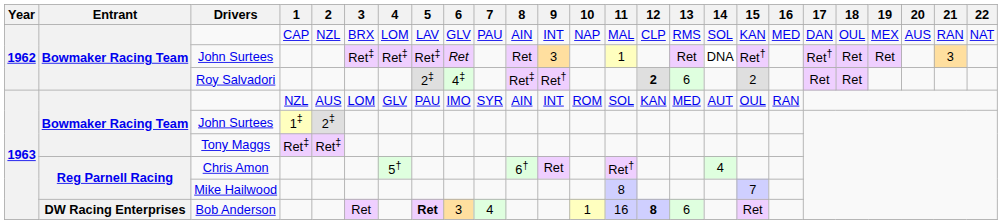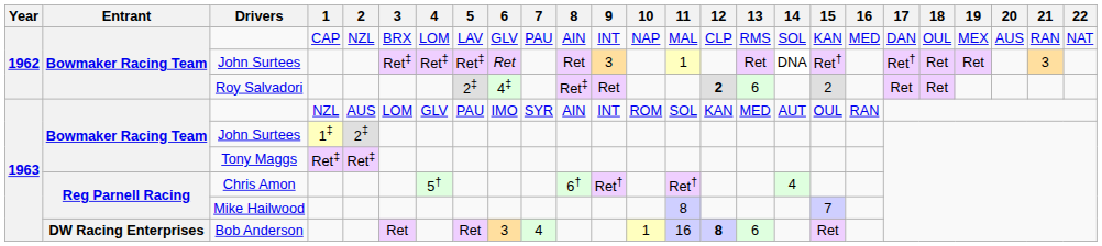 <table class="wikitable" style="text-align:center; font-size:95%">
 <tr>
 <th>Year</th>
 <th>Entrant</th>
 <th>Drivers</th>
 <th>1</th>
 <th>2</th>
 <th>3</th>
 <th>4</th>
 <th>5</th>
 <th>6</th>
 <th>7</th>
 <th>8</th>
 <th>9</th>
 <th>10</th>
 <th>11</th>
 <th>12</th>
 <th>13</th>
 <th>14</th>
 <th>15</th>
 <th>16</th>
 <th>17</th>
 <th>18</th>
 <th>19</th>
 <th>20</th>
 <th>21</th>
 <th>22</th>
 </tr>
 <tr>
 <th rowspan="3"><a href='#'>1962</a></th>
 <th rowspan="3"><a href='#'>Bowmaker Racing Team</a></th>
 <td></td>
 <td><a href='#'>CAP</a></td>
 <td><a href='#'>NZL</a></td>
 <td><a href='#'>BRX</a></td>
 <td><a href='#'>LOM</a></td>
 <td><a href='#'>LAV</a></td>
 <td><a href='#'>GLV</a></td>
 <td><a href='#'>PAU</a></td>
 <td><a href='#'>AIN</a></td>
 <td><a href='#'>INT</a></td>
 <td><a href='#'>NAP</a></td>
 <td><a href='#'>MAL</a></td>
 <td><a href='#'>CLP</a></td>
 <td><a href='#'>RMS</a></td>
 <td><a href='#'>SOL</a></td>
 <td><a href='#'>KAN</a></td>
 <td><a href='#'>MED</a></td>
 <td><a href='#'>DAN</a></td>
 <td><a href='#'>OUL</a></td>
 <td><a href='#'>MEX</a></td>
 <td><a href='#'>AUS</a></td>
 <td><a href='#'>RAN</a></td>
 <td><a href='#'>NAT</a></td>
 </tr>
 <tr>
 <td><a href='#'>John Surtees</a></td>
 <td></td>
 <td></td>
 <td style="background:#efcfff;">Ret<sup>‡</sup></td>
 <td style="background:#efcfff;">Ret<sup>‡</sup></td>
 <td style="background:#efcfff;">Ret<sup>‡</sup></td>
 <td style="background:#efcfff;"><em>Ret</em></td>
 <td></td>
 <td style="background:#efcfff;">Ret</td>
 <td style="background:#ffdf9f;">3</td>
 <td></td>
 <td style="background:#ffffbf;">1</td>
 <td></td>
 <td style="background:#efcfff;">Ret</td>
 <td style="background:#ffffff;">DNA</td>
 <td style="background:#efcfff;">Ret<sup>†</sup></td>
 <td></td>
 <td style="background:#efcfff;">Ret<sup>†</sup></td>
 <td style="background:#efcfff;">Ret</td>
 <td style="background:#efcfff;">Ret</td>
 <td></td>
 <td style="background:#ffdf9f;">3</td>
 <td></td>
 </tr>
 <tr>
 <td><a href='#'>Roy Salvadori</a></td>
 <td></td>
 <td></td>
 <td></td>
 <td></td>
 <td style="background:#dfdfdf;">2<sup>‡</sup></td>
 <td style="background:#DFFFDF;">4<sup>‡</sup></td>
 <td></td>
 <td style="background:#efcfff;">Ret<sup>‡</sup></td>
-<td style="background:#efcfff;">Ret<sup>†</sup></td>
+<td style="background:#efcfff;">Ret</td>
 <td></td>
 <td></td>
 <td style="background:#dfdfdf;"><strong>2</strong></td>
 <td style="background:#DFFFDF;">6</td>
 <td></td>
 <td style="background:#dfdfdf;">2</td>
 <td></td>
 <td style="background:#efcfff;">Ret</td>
 <td style="background:#efcfff;">Ret</td>
 <td></td>
 <td></td>
 <td></td>
 <td></td>
 </tr>
 <tr>
 <th rowspan="6"><a href='#'>1963</a></th>
 <th rowspan="3"><a href='#'>Bowmaker Racing Team</a></th>
 <td></td>
 <td><a href='#'>NZL</a></td>
 <td><a href='#'>AUS</a></td>
 <td><a href='#'>LOM</a></td>
 <td><a href='#'>GLV</a></td>
 <td><a href='#'>PAU</a></td>
 <td><a href='#'>IMO</a></td>
 <td><a href='#'>SYR</a></td>
 <td><a href='#'>AIN</a></td>
 <td><a href='#'>INT</a></td>
 <td><a href='#'>ROM</a></td>
 <td><a href='#'>SOL</a></td>
 <td><a href='#'>KAN</a></td>
 <td><a href='#'>MED</a></td>
 <td><a href='#'>AUT</a></td>
 <td><a href='#'>OUL</a></td>
 <td><a href='#'>RAN</a></td>
 <td colspan=6></td>
 </tr>
 <tr>
 <td><a href='#'>John Surtees</a></td>
 <td style="background:#ffffbf;">1<sup>‡</sup></td>
 <td style="background:#dfdfdf;">2<sup>‡</sup></td>
 <td></td>
 <td></td>
 <td></td>
 <td></td>
 <td></td>
 <td></td>
 <td></td>
 <td></td>
 <td></td>
 <td></td>
 <td></td>
 <td></td>
 <td></td>
 <td></td>
 <td colspan=6 rowspan=5></td>
 </tr>
 <tr>
 <td><a href='#'>Tony Maggs</a></td>
 <td style="background:#efcfff;">Ret<sup>‡</sup></td>
 <td style="background:#efcfff;">Ret<sup>‡</sup></td>
 <td></td>
 <td></td>
 <td></td>
 <td></td>
 <td></td>
 <td></td>
 <td></td>
 <td></td>
 <td></td>
 <td></td>
 <td></td>
 <td></td>
 <td></td>
 <td></td>
 </tr>
 <tr>
 <th rowspan="2"><a href='#'>Reg Parnell Racing</a></th>
 <td><a href='#'>Chris Amon</a></td>
 <td></td>
 <td></td>
 <td></td>
 <td style="background:#DFFFDF;">5<sup>†</sup></td>
 <td></td>
 <td></td>
 <td></td>
 <td style="background:#DFFFDF;">6<sup>†</sup></td>
-<td style="background:#efcfff;">Ret</td>
+<td style="background:#efcfff;">Ret<sup>†</sup></td>
 <td></td>
 <td style="background:#efcfff;">Ret<sup>†</sup></td>
 <td></td>
 <td></td>
 <td style="background:#DFFFDF;">4</td>
 <td></td>
 <td></td>
 </tr>
 <tr>
 <td><a href='#'>Mike Hailwood</a></td>
 <td></td>
 <td></td>
 <td></td>
 <td></td>
 <td></td>
 <td></td>
 <td></td>
 <td></td>
 <td></td>
 <td></td>
 <td style="background:#cfcfff;">8</td>
 <td></td>
 <td></td>
 <td></td>
 <td style="background:#cfcfff;">7</td>
 <td></td>
 </tr>
 <tr>
 <th>DW Racing Enterprises</th>
 <td><a href='#'>Bob Anderson</a></td>
 <td></td>
 <td></td>
 <td style="background:#efcfff;">Ret</td>
 <td></td>
-<td style="background:#efcfff;"><strong>Ret</strong></td>
+<td style="background:#efcfff;">Ret</td>
 <td style="background:#ffdf9f;">3</td>
 <td style="background:#DFFFDF;">4</td>
 <td></td>
 <td></td>
 <td style="background:#ffffbf;">1</td>
 <td style="background:#cfcfff;">16</td>
 <td style="background:#cfcfff;"><strong>8</strong></td>
 <td style="background:#DFFFDF;">6</td>
 <td></td>
 <td style="background:#efcfff;">Ret</td>
 <td></td>
 </tr>
 </table>
